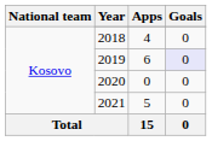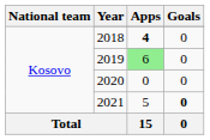 <table class="wikitable" style="text-align:center">
 <tr>
 <th>National team</th>
 <th>Year</th>
 <th>Apps</th>
 <th>Goals</th>
 </tr>
 <tr>
 <td rowspan="5"><a href='#'>Kosovo</a></td>
 </tr>
 <tr>
 <td>2018</td>
-<td>4</td>
+<td><strong>4</strong></td>
 <td>0</td>
 </tr>
 <tr>
 <td>2019</td>
-<td>6</td>
-<td style="background: lavender;">0</td>
+<td style="background: lightgreen;">6</td>
+<td>0</td>
 </tr>
 <tr>
 <td>2020</td>
 <td>0</td>
 <td>0</td>
 </tr>
 <tr>
 <td>2021</td>
 <td>5</td>
-<td>0</td>
+<td><strong>0</strong></td>
 </tr>
 <tr>
 <th colspan="2">Total</th>
 <th>15</th>
 <th>0</th>
 </tr>
 </table>
